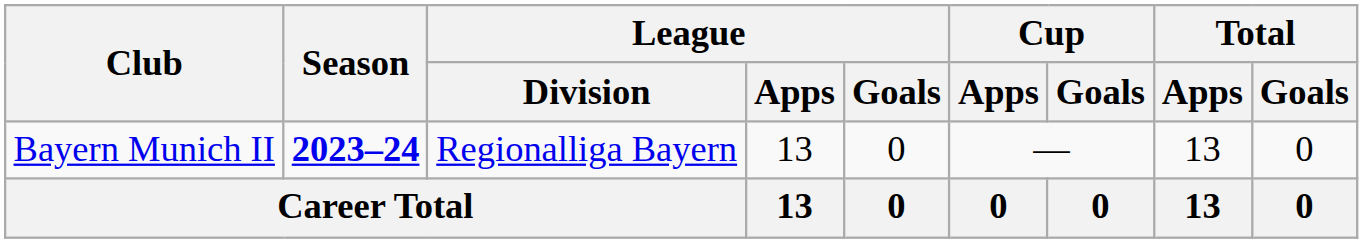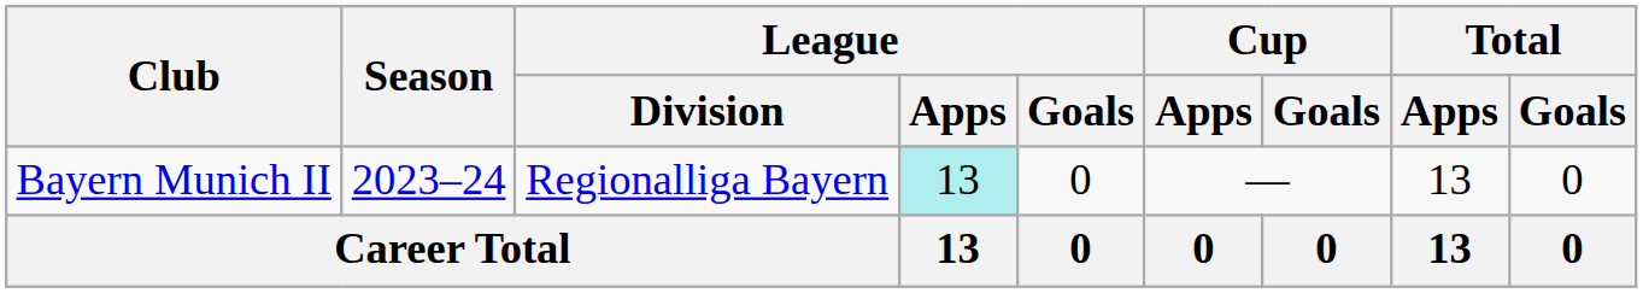 <table class="wikitable" Style="text-align: center">
 <tr>
 <th rowspan="2">Club</th>
 <th rowspan="2">Season</th>
 <th colspan="3">League</th>
 <th colspan="2">Cup</th>
 <th colspan="2">Total</th>
 </tr>
 <tr>
 <th>Division</th>
 <th>Apps</th>
 <th>Goals</th>
 <th>Apps</th>
 <th>Goals</th>
 <th>Apps</th>
 <th>Goals</th>
 </tr>
 <tr>
 <td><a href='#'>Bayern Munich II</a></td>
-<td><strong><a href='#'>2023–24</a></strong></td>
+<td><a href='#'>2023–24</a></td>
 <td><a href='#'>Regionalliga Bayern</a></td>
-<td>13</td>
+<td style="background: paleturquoise;">13</td>
 <td>0</td>
 <td colspan="2">—</td>
 <td>13</td>
 <td>0</td>
 </tr>
 <tr>
 <th colspan="3">Career Total</th>
 <th>13</th>
 <th>0</th>
 <th>0</th>
 <th>0</th>
 <th>13</th>
 <th>0</th>
 </tr>
 </table>
